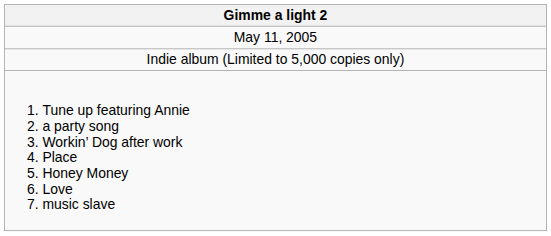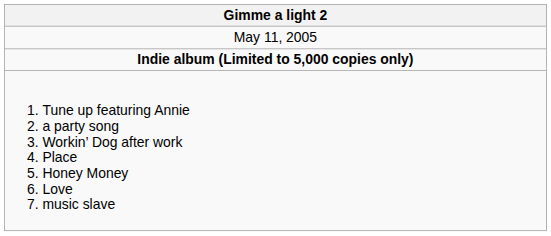 <table class="wikitable" style="width:100%">
 <tr>
 <th>Gimme a light 2</th>
 </tr>
 <tr>
 <td style="text-align:center">May 11, 2005</td>
 </tr>
 <tr>
-<td style="text-align:center">Indie album (Limited to 5,000 copies only)</td>
+<td style="text-align:center"><strong>Indie album (Limited to 5,000 copies only)</strong></td>
 </tr>
 <tr>
 <td><br><ol><li>Tune up featuring Annie</li><li>a party song</li><li>Workin’ Dog after work</li><li>Place</li><li>Honey Money</li><li>Love</li><li>music slave</li></ol></td>
 </tr>
 </table>
